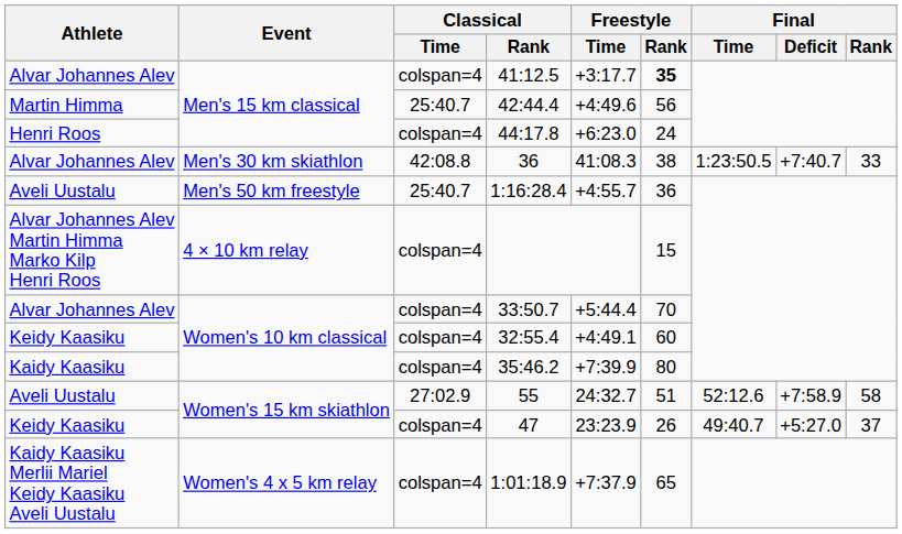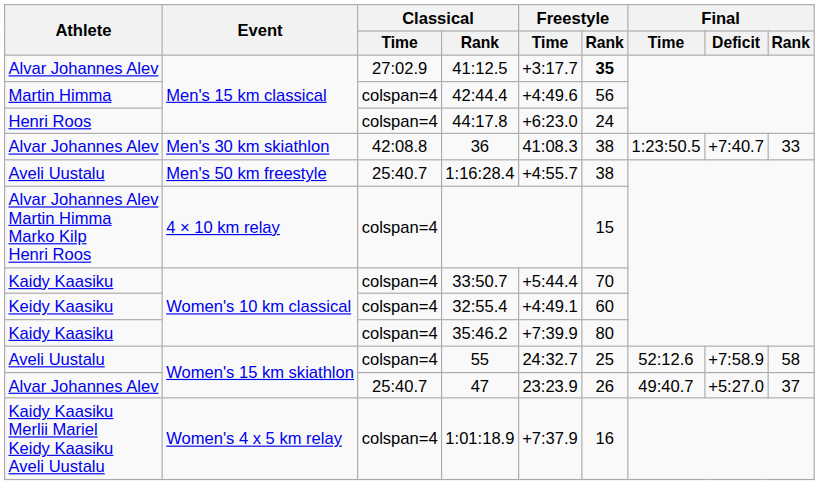 <table class=wikitable style=font-size:90%;text-align:center>
 <tr>
 <th rowspan=2>Athlete</th>
 <th rowspan=2>Event</th>
 <th colspan=2>Classical</th>
 <th colspan=2>Freestyle</th>
 <th colspan=3>Final</th>
 </tr>
 <tr style="font-size: 95%">
 <th>Time</th>
 <th>Rank</th>
 <th>Time</th>
 <th>Rank</th>
 <th>Time</th>
 <th>Deficit</th>
 <th>Rank</th>
 </tr>
 <tr>
 <td align=left><a href='#'>Alvar Johannes Alev</a></td>
 <td align=left rowspan=3><a href='#'>Men's 15 km classical</a></td>
-<td>colspan=4 </td>
+<td>27:02.9</td>
 <td>41:12.5</td>
 <td>+3:17.7</td>
 <td><strong>35</strong></td>
 </tr>
 <tr>
 <td align=left><a href='#'>Martin Himma</a></td>
-<td>25:40.7</td>
+<td>colspan=4 </td>
 <td>42:44.4</td>
 <td>+4:49.6</td>
 <td>56</td>
 </tr>
 <tr>
 <td align=left><a href='#'>Henri Roos</a></td>
 <td>colspan=4 </td>
 <td>44:17.8</td>
 <td>+6:23.0</td>
 <td>24</td>
 </tr>
 <tr>
 <td align=left><a href='#'>Alvar Johannes Alev</a></td>
 <td align=left><a href='#'>Men's 30 km skiathlon</a></td>
 <td>42:08.8</td>
 <td>36</td>
 <td>41:08.3</td>
 <td>38</td>
 <td>1:23:50.5</td>
 <td>+7:40.7</td>
 <td>33</td>
 </tr>
 <tr>
 <td align=left><a href='#'>Aveli Uustalu</a></td>
 <td align=left><a href='#'>Men's 50 km freestyle</a></td>
 <td>25:40.7</td>
 <td>1:16:28.4</td>
 <td>+4:55.7</td>
-<td>36</td>
+<td>38</td>
 </tr>
 <tr>
 <td align=left><a href='#'>Alvar Johannes Alev</a><br><a href='#'>Martin Himma</a><br><a href='#'>Marko Kilp</a><br><a href='#'>Henri Roos</a></td>
 <td align=left><a href='#'>4 × 10 km relay</a></td>
 <td>colspan=4 </td>
 <td colspan=2></td>
 <td>15</td>
 </tr>
 <tr>
-<td align=left><a href='#'>Alvar Johannes Alev</a></td>
+<td align=left><a href='#'>Kaidy Kaasiku</a></td>
 <td align=left rowspan=3><a href='#'>Women's 10 km classical</a></td>
 <td>colspan=4 </td>
 <td>33:50.7</td>
 <td>+5:44.4</td>
 <td>70</td>
 </tr>
 <tr>
 <td align=left><a href='#'>Keidy Kaasiku</a></td>
 <td>colspan=4 </td>
 <td>32:55.4</td>
 <td>+4:49.1</td>
 <td>60</td>
 </tr>
 <tr>
 <td align=left><a href='#'>Kaidy Kaasiku</a></td>
 <td>colspan=4 </td>
 <td>35:46.2</td>
 <td>+7:39.9</td>
 <td>80</td>
 </tr>
 <tr>
 <td align=left><a href='#'>Aveli Uustalu</a></td>
 <td align=left rowspan=2><a href='#'>Women's 15 km skiathlon</a></td>
-<td>27:02.9</td>
+<td>colspan=4 </td>
 <td>55</td>
 <td>24:32.7</td>
-<td>51</td>
+<td>25</td>
 <td>52:12.6</td>
 <td>+7:58.9</td>
 <td>58</td>
 </tr>
 <tr>
-<td align=left><a href='#'>Keidy Kaasiku</a></td>
-<td>colspan=4 </td>
+<td align=left><a href='#'>Alvar Johannes Alev</a></td>
+<td>25:40.7</td>
 <td>47</td>
 <td>23:23.9</td>
 <td>26</td>
 <td>49:40.7</td>
 <td>+5:27.0</td>
 <td>37</td>
 </tr>
 <tr>
 <td align=left><a href='#'>Kaidy Kaasiku</a><br><a href='#'>Merlii Mariel</a><br><a href='#'>Keidy Kaasiku</a><br><a href='#'>Aveli Uustalu</a></td>
 <td align=left><a href='#'>Women's 4 x 5 km relay</a></td>
 <td>colspan=4 </td>
 <td>1:01:18.9</td>
 <td>+7:37.9</td>
-<td>65</td>
+<td>16</td>
 </tr>
 </table>
